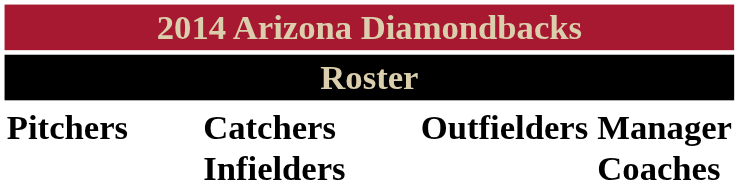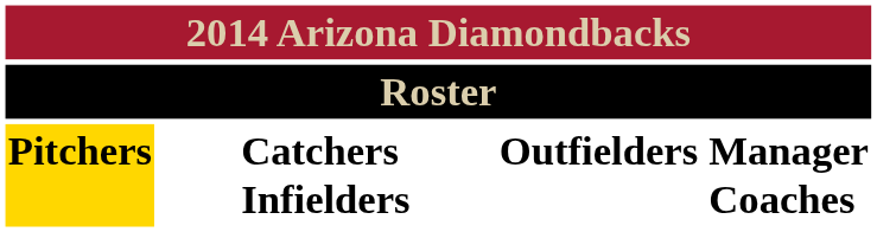 <table class="toccolours" style="font-size: 95%;">
 <tr>
 <th colspan="10" style="background-color: #A71930; color: #DBCEAC; text-align: center;">2014 Arizona Diamondbacks</th>
 </tr>
 <tr>
 <td colspan="10" style="background-color: black; color: #DBCEAC; text-align: center;"><strong>Roster</strong></td>
 </tr>
 <tr>
-<td valign="top"><strong>Pitchers</strong><br>                        </td>
+<td valign="top" style="background: gold;"><strong>Pitchers</strong><br>                        </td>
 <td width="25px"></td>
 <td valign="top"><strong>Catchers</strong><br>   <strong>Infielders</strong>            </td>
 <td width="25px"></td>
 <td valign="top"><strong>Outfielders</strong><br>           </td>
 <td valign="top"><strong>Manager</strong><br>  <strong>Coaches</strong>                  </td>
 </tr>
 <tr>
 </tr>
 </table>
